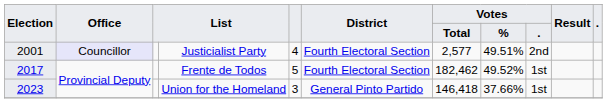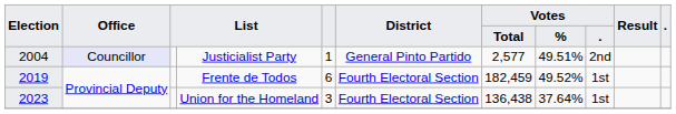 <table class="wikitable" style="font-size:90%; text-align:center;">
 <tr>
 <th style="background-color:#EAECF0;" rowspan=2>Election</th>
 <th style="background-color:#EAECF0;" rowspan=2>Office</th>
 <th style="background-color:#EAECF0;" colspan=2 rowspan=2>List</th>
 <th style="background-color:#EAECF0;" rowspan=2></th>
 <th style="background-color:#EAECF0;" rowspan=2>District</th>
 <th style="background-color:#EAECF0;" colspan=3>Votes</th>
 <th style="background-color:#EAECF0;" rowspan=2>Result</th>
 <th style="background-color:#EAECF0;" rowspan=2>.</th>
 </tr>
 <tr>
 <th style="background-color:#EAECF0;">Total</th>
 <th style="background-color:#EAECF0;">%</th>
 <th style="background-color:#EAECF0;">.</th>
 </tr>
 <tr>
-<td style="background-color:#EAECF0;">2001</td>
+<td style="background-color:#EAECF0;">2004</td>
 <td style="background: lavender;">Councillor</td>
 <td style="background-color:"></td>
 <td><a href='#'>Justicialist Party</a></td>
-<td>4</td>
-<td><a href='#'>Fourth Electoral Section</a></td>
+<td>1</td>
+<td><a href='#'>General Pinto Partido</a></td>
 <td>2,577</td>
 <td>49.51%</td>
 <td>2nd</td>
 <td></td>
 <td></td>
 </tr>
 <tr>
-<td style="background-color:#EAECF0;"><a href='#'>2017</a></td>
+<td style="background-color:#EAECF0;"><a href='#'>2019</a></td>
 <td rowspan="2"><a href='#'>Provincial Deputy</a></td>
 <td style="background-color:"></td>
 <td><a href='#'>Frente de Todos</a></td>
-<td>5</td>
+<td>6</td>
 <td><a href='#'>Fourth Electoral Section</a></td>
-<td>182,462</td>
+<td>182,459</td>
 <td>49.52%</td>
 <td>1st</td>
 <td></td>
 <td></td>
 </tr>
 <tr>
 <td style="background-color:#EAECF0;"><a href='#'>2023</a></td>
 <td style="background-color:"></td>
 <td><a href='#'>Union for the Homeland</a></td>
 <td>3</td>
-<td><a href='#'>General Pinto Partido</a></td>
-<td>146,418</td>
-<td>37.66%</td>
+<td><a href='#'>Fourth Electoral Section</a></td>
+<td>136,438</td>
+<td>37.64%</td>
 <td>1st</td>
 <td></td>
 <td></td>
 </tr>
 <tr>
 </tr>
 </table>
